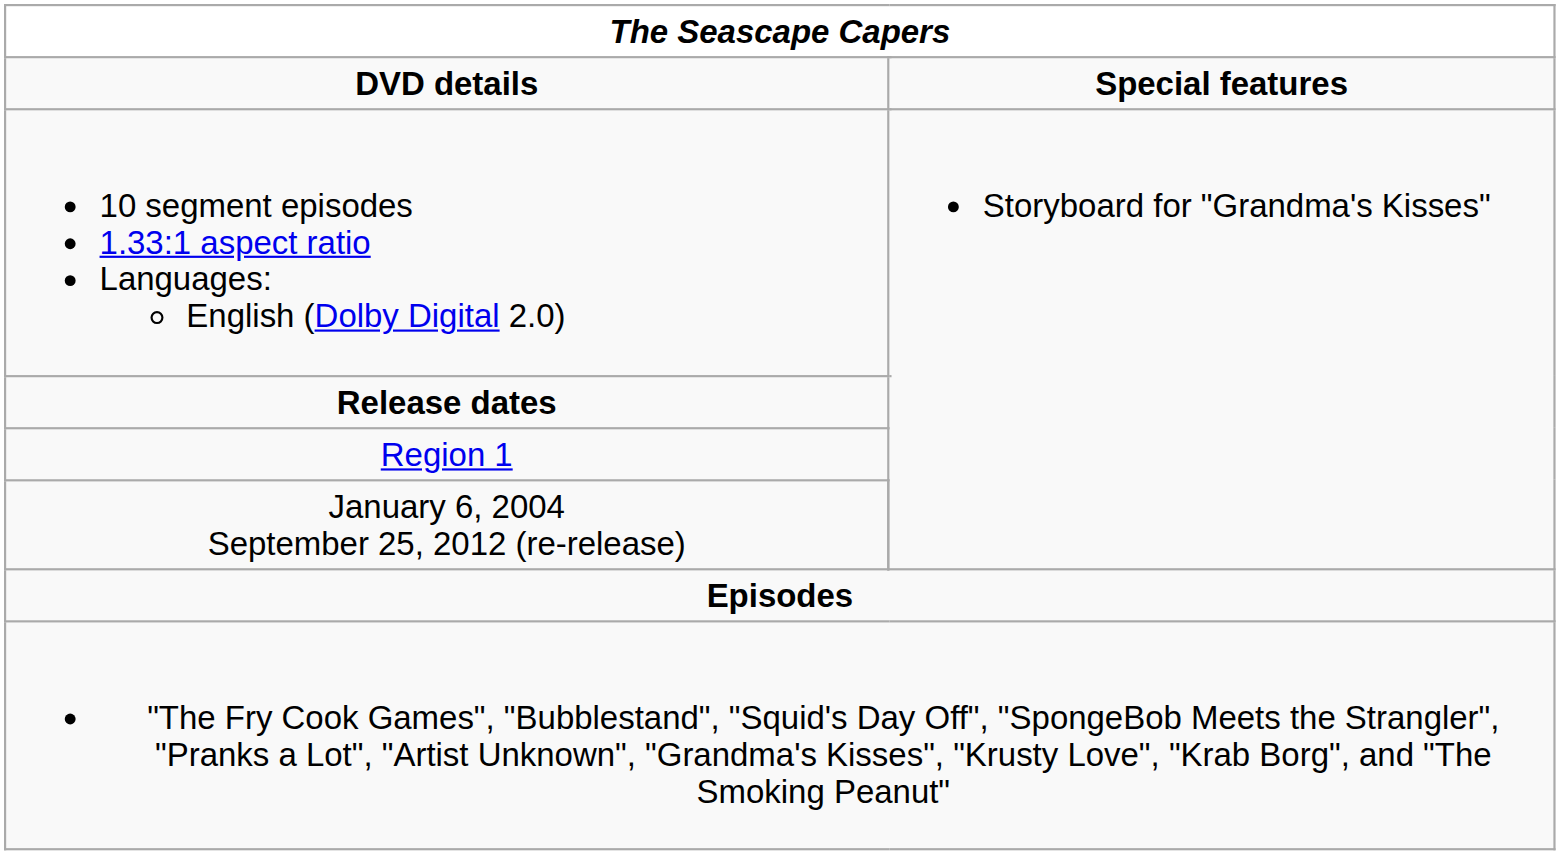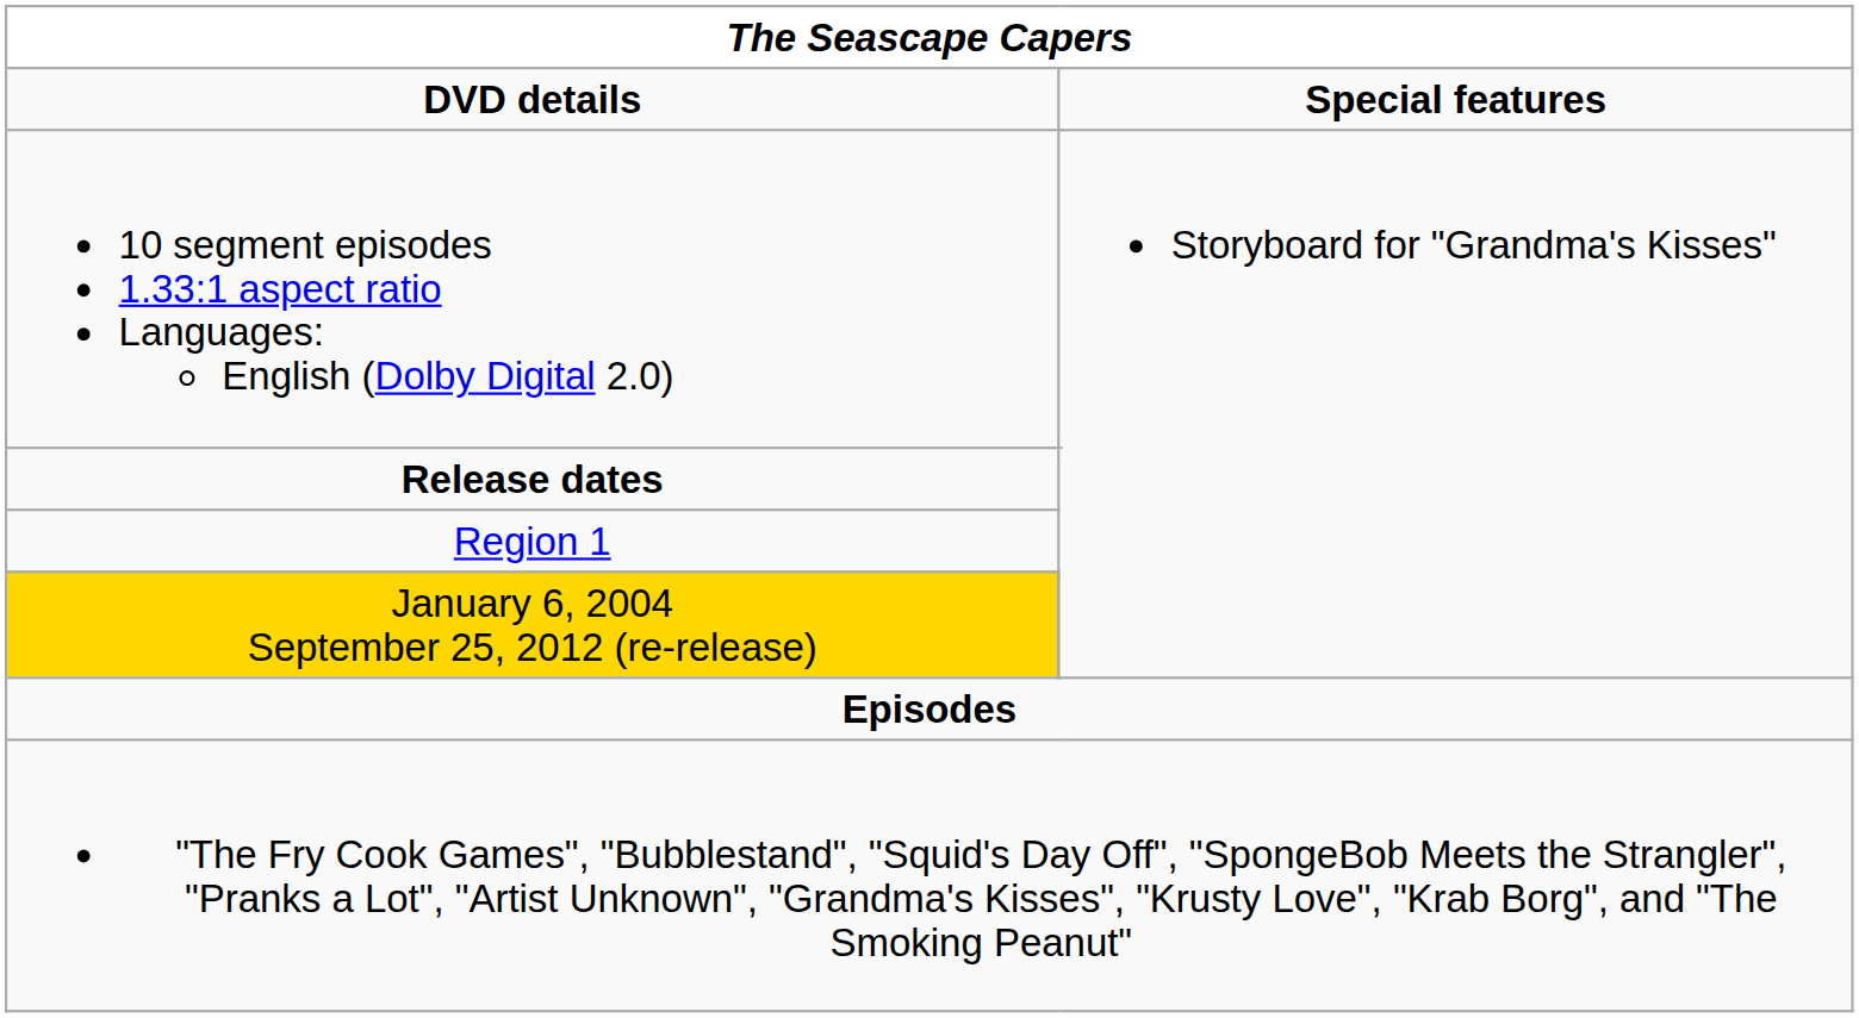 <table class="wikitable" style="font-size: 95%;">
 <tr style="background:#FFF; color:#000;">
 <td colspan="4" align="center"><strong><em>The Seascape Capers</em></strong></td>
 </tr>
 <tr valign="top">
 <td style="text-align:center; width:400px;" colspan="3"><strong>DVD details</strong></td>
 <td style="width:300px; text-align:center;"><strong>Special features</strong></td>
 </tr>
 <tr valign="top">
 <td colspan="3" style="text-align:left; width:400px;"><br><ul><li>10 segment episodes</li><li><a href='#'>1.33:1 aspect ratio</a></li><li>Languages:<ul><li>English (<a href='#'>Dolby Digital</a> 2.0)</li></ul></li></ul></td>
 <td rowspan="4" style="text-align:left; width:300px;"><br><ul><li>Storyboard for "Grandma's Kisses"</li></ul></td>
 </tr>
 <tr>
 <td colspan="3" style="text-align:center;"><strong>Release dates</strong></td>
 </tr>
 <tr>
 <td colspan="3" style="text-align:center;"><a href='#'>Region 1</a></td>
 </tr>
 <tr style="text-align:center;">
-<td>January 6, 2004<br>September 25, 2012 (re-release)</td>
+<td style="background: gold;">January 6, 2004<br>September 25, 2012 (re-release)</td>
 </tr>
 <tr>
 <td style="text-align:center; width:400px;" colspan="4"><strong>Episodes</strong></td>
 </tr>
 <tr>
 <td style="text-align:center; width:400px;" colspan="4"><br><ul><li>"The Fry Cook Games", "Bubblestand", "Squid's Day Off", "SpongeBob Meets the Strangler", "Pranks a Lot", "Artist Unknown", "Grandma's Kisses", "Krusty Love", "Krab Borg", and "The Smoking Peanut"</li></ul></td>
 </tr>
 </table>
